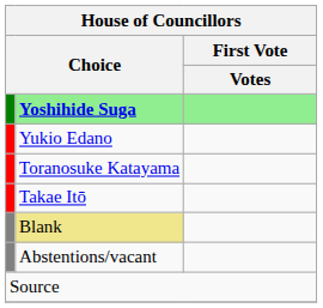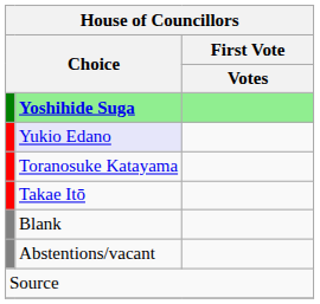 <table class="wikitable" style="font-size:90%;">
 <tr>
 <th colspan="4">House of Councillors</th>
 </tr>
 <tr>
 <th align="left" rowspan="2" colspan="2" width="100">Choice</th>
 <th colspan="2">First Vote</th>
 </tr>
 <tr>
 <th width="100">Votes</th>
 </tr>
 <tr style="background:lightgreen;">
 <td width="1" bgcolor="green"></td>
 <td align="left"><strong><a href='#'>Yoshihide Suga</a></strong></td>
 <td></td>
 </tr>
 <tr>
 <td bgcolor="red"></td>
-<td align="left"><a href='#'>Yukio Edano</a></td>
+<td align="left" style="background: lavender;"><a href='#'>Yukio Edano</a></td>
 <td></td>
 </tr>
 <tr>
 <td bgcolor="red"></td>
 <td align="left"><a href='#'>Toranosuke Katayama</a></td>
 <td></td>
 </tr>
 <tr>
 <td bgcolor="red"></td>
 <td align="left"><a href='#'>Takae Itō</a></td>
 <td></td>
 </tr>
 <tr>
 <td bgcolor="gray"></td>
-<td align="left" style="background: khaki;">Blank</td>
+<td align="left">Blank</td>
 <td></td>
 </tr>
 <tr>
 <td bgcolor="gray"></td>
 <td align="left">Abstentions/vacant</td>
 <td></td>
 </tr>
 <tr>
 <td colspan=3>Source</td>
 </tr>
 <tr>
 </tr>
 </table>
